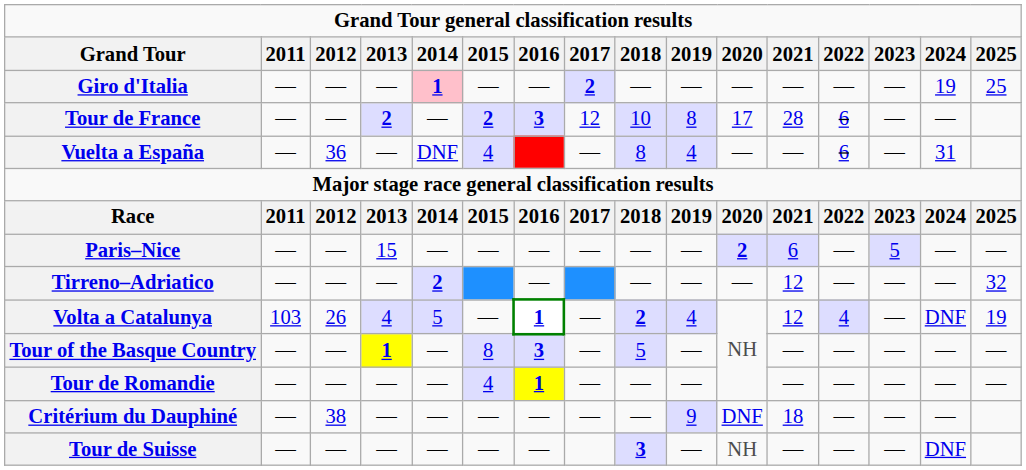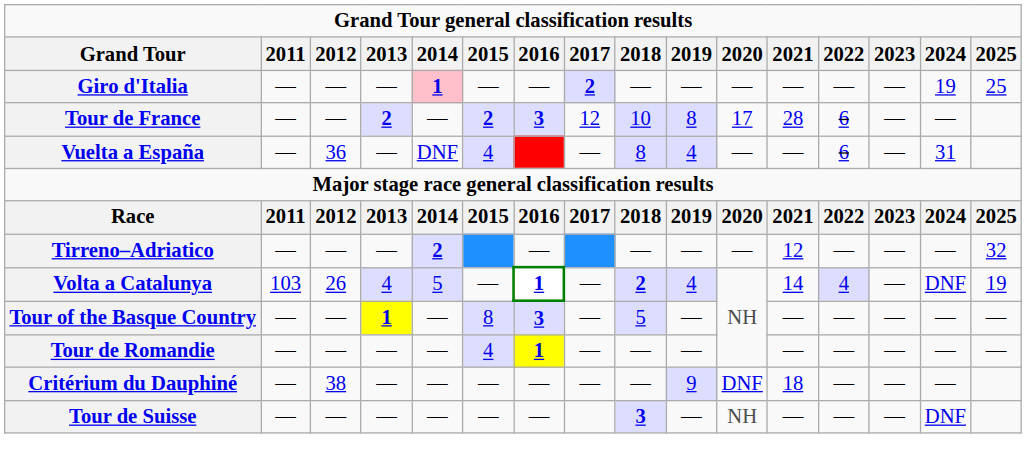 <table class="wikitable plainrowheaders">
 <tr>
 <td colspan=16 align="center"><strong>Grand Tour general classification results</strong></td>
 </tr>
 <tr>
 <th scope="col">Grand Tour</th>
 <th scope="col">2011</th>
 <th scope="col">2012</th>
 <th scope="col">2013</th>
 <th scope="col">2014</th>
 <th scope="col">2015</th>
 <th scope="col">2016</th>
 <th scope="col">2017</th>
 <th scope="col">2018</th>
 <th scope="col">2019</th>
 <th scope="col">2020</th>
 <th scope="col">2021</th>
 <th scope="col">2022</th>
 <th scope="col">2023</th>
 <th scope="col">2024</th>
 <th scope="col">2025</th>
 </tr>
 <tr style="text-align:center;">
 <th scope="row"> <a href='#'>Giro d'Italia</a></th>
 <td>—</td>
 <td>—</td>
 <td>—</td>
 <td style="background:pink;"><a href='#'><strong>1</strong></a></td>
 <td>—</td>
 <td>—</td>
 <td style="background:#ddf;"><a href='#'><strong>2</strong></a></td>
 <td>—</td>
 <td>—</td>
 <td>—</td>
 <td>—</td>
 <td>—</td>
 <td>—</td>
 <td><a href='#'>19</a></td>
 <td><a href='#'>25</a></td>
 </tr>
 <tr style="text-align:center;">
 <th scope="row"> <a href='#'>Tour de France</a></th>
 <td>—</td>
 <td>—</td>
 <td style="background:#ddf;"><a href='#'><strong>2</strong></a></td>
 <td>—</td>
 <td style="background:#ddf;"><a href='#'><strong>2</strong></a></td>
 <td style="background:#ddf;"><a href='#'><strong>3</strong></a></td>
 <td><a href='#'>12</a></td>
 <td style="background:#ddf;"><a href='#'>10</a></td>
 <td style="background:#ddf;"><a href='#'>8</a></td>
 <td><a href='#'>17</a></td>
 <td><a href='#'>28</a></td>
 <td><s><a href='#'>6</a></s></td>
 <td>—</td>
 <td>—</td>
 <td></td>
 </tr>
 <tr style="text-align:center;">
 <th scope="row"> <a href='#'>Vuelta a España</a></th>
 <td>—</td>
 <td><a href='#'>36</a></td>
 <td>—</td>
 <td><a href='#'>DNF</a></td>
 <td style="background:#ddf;"><a href='#'>4</a></td>
 <td style="background:red;"></td>
 <td>—</td>
 <td style="background:#ddf;"><a href='#'>8</a></td>
 <td style="background:#ddf;"><a href='#'>4</a></td>
 <td>—</td>
 <td>—</td>
 <td><s><a href='#'>6</a></s></td>
 <td>—</td>
 <td><a href='#'>31</a></td>
 <td></td>
 </tr>
 <tr>
 <td colspan=16 align="center"><strong>Major stage race general classification results</strong></td>
 </tr>
 <tr>
 <th scope="col">Race</th>
 <th scope="col">2011</th>
 <th scope="col">2012</th>
 <th scope="col">2013</th>
 <th scope="col">2014</th>
 <th scope="col">2015</th>
 <th scope="col">2016</th>
 <th scope="col">2017</th>
 <th scope="col">2018</th>
 <th scope="col">2019</th>
 <th scope="col">2020</th>
 <th scope="col">2021</th>
 <th scope="col">2022</th>
 <th scope="col">2023</th>
 <th scope="col">2024</th>
 <th scope="col">2025</th>
 </tr>
 <tr style="text-align:center;">
-<th scope="row"> <a href='#'>Paris–Nice</a></th>
-<td>—</td>
-<td>—</td>
-<td><a href='#'>15</a></td>
-<td>—</td>
-<td>—</td>
-<td>—</td>
-<td>—</td>
-<td>—</td>
-<td>—</td>
-<td style="background:#ddf;"><a href='#'><strong>2</strong></a></td>
-<td style="background:#ddf;"><a href='#'>6</a></td>
-<td>—</td>
-<td style="background:#ddf;"><a href='#'>5</a></td>
-<td>—</td>
-<td>—</td>
-</tr>
-<tr style="text-align:center;">
 <th scope="row"> <a href='#'>Tirreno–Adriatico</a></th>
 <td>—</td>
 <td>—</td>
 <td>—</td>
 <td style="background:#ddf;"><a href='#'><strong>2</strong></a></td>
 <td style="background:dodgerblue;"></td>
 <td>—</td>
 <td style="background:dodgerblue;"></td>
 <td>—</td>
 <td>—</td>
 <td>—</td>
 <td><a href='#'>12</a></td>
 <td>—</td>
 <td>—</td>
 <td>—</td>
 <td><a href='#'>32</a></td>
 </tr>
 <tr style="text-align:center;">
 <th scope="row"> <a href='#'>Volta a Catalunya</a></th>
 <td><a href='#'>103</a></td>
 <td><a href='#'>26</a></td>
 <td style="background:#ddf;"><a href='#'>4</a></td>
 <td style="background:#ddf;"><a href='#'>5</a></td>
 <td>—</td>
 <td style="background:white; border:2px solid green;"><a href='#'><strong>1</strong></a></td>
 <td>—</td>
 <td style="background:#ddf;"><a href='#'><strong>2</strong></a></td>
 <td style="background:#ddf;"><a href='#'>4</a></td>
 <td style="color:#4d4d4d;" rowspan=3>NH</td>
-<td><a href='#'>12</a></td>
+<td><a href='#'>14</a></td>
 <td style="background:#ddf;"><a href='#'>4</a></td>
 <td>—</td>
 <td><a href='#'>DNF</a></td>
 <td><a href='#'>19</a></td>
 </tr>
 <tr style="text-align:center;">
 <th scope="row"> <a href='#'>Tour of the Basque Country</a></th>
 <td>—</td>
 <td>—</td>
 <td style="background:yellow;"><a href='#'><strong>1</strong></a></td>
 <td>—</td>
 <td style="background:#ddf;"><a href='#'>8</a></td>
 <td style="background:#ddf;"><a href='#'><strong>3</strong></a></td>
 <td>—</td>
 <td style="background:#ddf;"><a href='#'>5</a></td>
 <td>—</td>
 <td>—</td>
 <td>—</td>
 <td>—</td>
 <td>—</td>
 <td>—</td>
 </tr>
 <tr style="text-align:center;">
 <th scope="row"> <a href='#'>Tour de Romandie</a></th>
 <td>—</td>
 <td>—</td>
 <td>—</td>
 <td>—</td>
 <td style="background:#ddf;"><a href='#'>4</a></td>
 <td style="background:yellow;"><a href='#'><strong>1</strong></a></td>
 <td>—</td>
 <td>—</td>
 <td>—</td>
 <td>—</td>
 <td>—</td>
 <td>—</td>
 <td>—</td>
 <td>—</td>
 </tr>
 <tr style="text-align:center;">
 <th scope="row"> <a href='#'>Critérium du Dauphiné</a></th>
 <td>—</td>
 <td><a href='#'>38</a></td>
 <td>—</td>
 <td>—</td>
 <td>—</td>
 <td>—</td>
 <td>—</td>
 <td>—</td>
 <td style="background:#ddf;"><a href='#'>9</a></td>
 <td><a href='#'>DNF</a></td>
 <td><a href='#'>18</a></td>
 <td>—</td>
 <td>—</td>
 <td>—</td>
 <td></td>
 </tr>
 <tr style="text-align:center;">
 <th scope="row"> <a href='#'>Tour de Suisse</a></th>
 <td>—</td>
 <td>—</td>
 <td>—</td>
 <td>—</td>
 <td>—</td>
 <td>—</td>
 <td></td>
 <td style="background:#ddf;"><a href='#'><strong>3</strong></a></td>
 <td>—</td>
 <td style="color:#4d4d4d;">NH</td>
 <td>—</td>
 <td>—</td>
 <td>—</td>
 <td><a href='#'>DNF</a></td>
 <td></td>
 </tr>
 </table>
